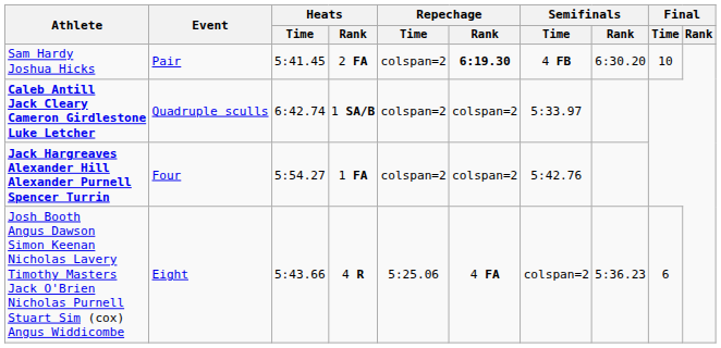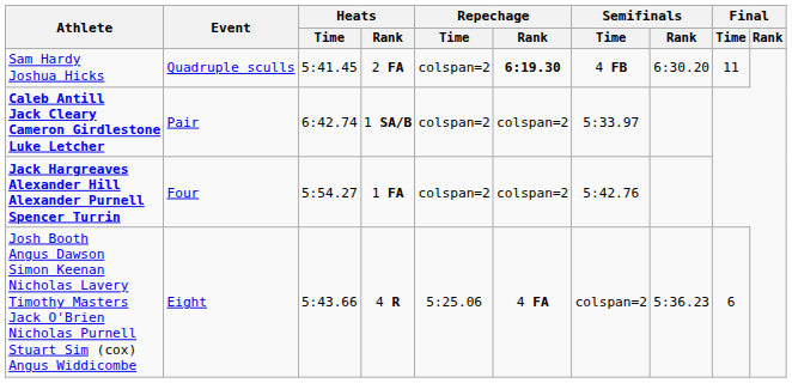 <table class=wikitable style=font-size:90%;text-align:center>
 <tr>
 <th rowspan=2>Athlete</th>
 <th rowspan=2>Event</th>
 <th colspan=2>Heats</th>
 <th colspan=2>Repechage</th>
 <th colspan=2>Semifinals</th>
 <th colspan=2>Final</th>
 </tr>
 <tr style=font-size:95%>
 <th>Time</th>
 <th>Rank</th>
 <th>Time</th>
 <th>Rank</th>
 <th>Time</th>
 <th>Rank</th>
 <th>Time</th>
 <th>Rank</th>
 </tr>
 <tr>
 <td align=left><a href='#'>Sam Hardy</a><br><a href='#'>Joshua Hicks</a></td>
-<td align=left><a href='#'>Pair</a></td>
+<td align=left><a href='#'>Quadruple sculls</a></td>
 <td>5:41.45</td>
 <td>2 <strong>FA</strong></td>
 <td>colspan=2 </td>
 <td><strong>6:19.30</strong></td>
 <td>4 <strong>FB</strong></td>
 <td>6:30.20</td>
-<td>10</td>
+<td>11</td>
 </tr>
 <tr>
 <td align=left><strong><a href='#'>Caleb Antill</a><br><a href='#'>Jack Cleary</a><br><a href='#'>Cameron Girdlestone</a><br><a href='#'>Luke Letcher</a></strong></td>
-<td align=left><a href='#'>Quadruple sculls</a></td>
+<td align=left><a href='#'>Pair</a></td>
 <td>6:42.74</td>
 <td>1 <strong>SA/B</strong></td>
 <td>colspan=2 </td>
 <td>colspan=2 </td>
 <td>5:33.97</td>
 <td></td>
 </tr>
 <tr>
 <td align=left><strong><a href='#'>Jack Hargreaves</a><br><a href='#'>Alexander Hill</a><br><a href='#'>Alexander Purnell</a><br><a href='#'>Spencer Turrin</a></strong></td>
 <td align=left><a href='#'>Four</a></td>
 <td>5:54.27</td>
 <td>1 <strong>FA</strong></td>
 <td>colspan=2 </td>
 <td>colspan=2 </td>
 <td>5:42.76 </td>
 <td></td>
 </tr>
 <tr>
 <td align=left><a href='#'>Josh Booth</a><br><a href='#'>Angus Dawson</a><br><a href='#'>Simon Keenan</a><br><a href='#'>Nicholas Lavery</a><br><a href='#'>Timothy Masters</a><br><a href='#'>Jack O'Brien</a><br><a href='#'>Nicholas Purnell</a><br><a href='#'>Stuart Sim</a> (cox)<br><a href='#'>Angus Widdicombe</a></td>
 <td align=left><a href='#'>Eight</a></td>
 <td>5:43.66</td>
 <td>4 <strong>R</strong></td>
 <td>5:25.06</td>
 <td>4 <strong>FA</strong></td>
 <td>colspan=2 </td>
 <td>5:36.23</td>
 <td>6</td>
 </tr>
 </table>
